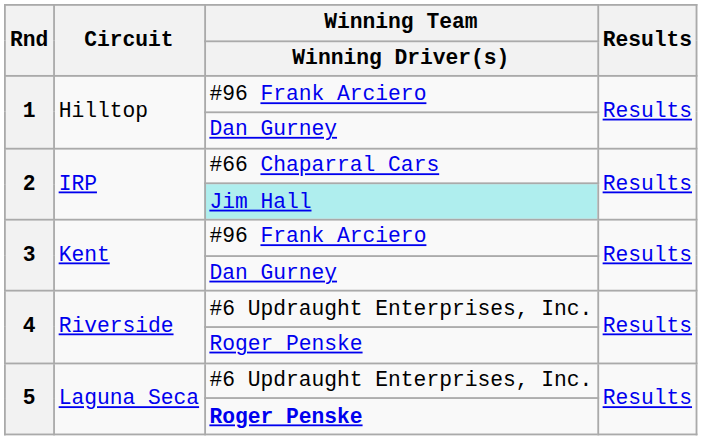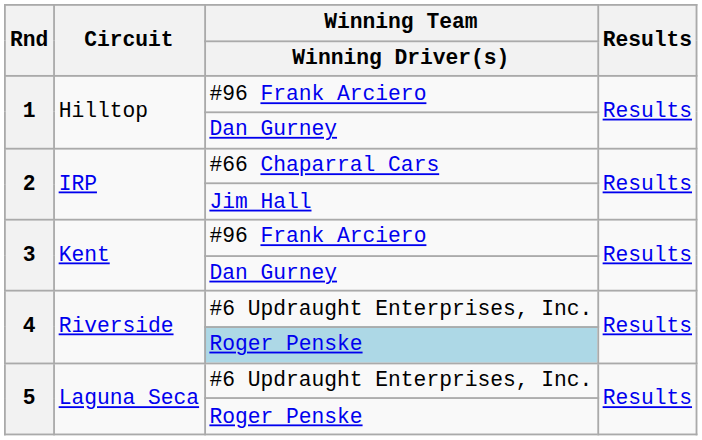 <table class="wikitable" style="font-size: 90%;">
 <tr>
 <th rowspan=2>Rnd</th>
 <th rowspan=2>Circuit</th>
 <th>Winning Team</th>
 <th rowspan=2>Results</th>
 </tr>
 <tr>
 <th>Winning Driver(s)</th>
 </tr>
 <tr>
 <th rowspan=2>1</th>
 <td rowspan=2>Hilltop</td>
 <td>#96 <a href='#'>Frank Arciero</a></td>
 <td rowspan=2><a href='#'>Results</a></td>
 </tr>
 <tr>
 <td> <a href='#'>Dan Gurney</a></td>
 </tr>
 <tr>
 <th rowspan=2>2</th>
 <td rowspan=2><a href='#'>IRP</a></td>
 <td>#66 <a href='#'>Chaparral Cars</a></td>
 <td rowspan=2><a href='#'>Results</a></td>
 </tr>
 <tr>
-<td style="background: paleturquoise;"> <a href='#'>Jim Hall</a></td>
+<td> <a href='#'>Jim Hall</a></td>
 </tr>
 <tr>
 <th rowspan=2>3</th>
 <td rowspan=2><a href='#'>Kent</a></td>
 <td>#96 <a href='#'>Frank Arciero</a></td>
 <td rowspan=2><a href='#'>Results</a></td>
 </tr>
 <tr>
 <td> <a href='#'>Dan Gurney</a></td>
 </tr>
 <tr>
 <th rowspan=2>4</th>
 <td rowspan=2><a href='#'>Riverside</a></td>
 <td>#6 Updraught Enterprises, Inc.</td>
 <td rowspan=2><a href='#'>Results</a></td>
 </tr>
 <tr>
-<td> <a href='#'>Roger Penske</a></td>
+<td style="background: lightblue;"> <a href='#'>Roger Penske</a></td>
 </tr>
 <tr>
 <th rowspan=2>5</th>
 <td rowspan=2><a href='#'>Laguna Seca</a></td>
 <td>#6 Updraught Enterprises, Inc.</td>
 <td rowspan=2><a href='#'>Results</a></td>
 </tr>
 <tr>
-<td><strong> <a href='#'>Roger Penske</a></strong></td>
+<td> <a href='#'>Roger Penske</a></td>
 </tr>
 </table>
